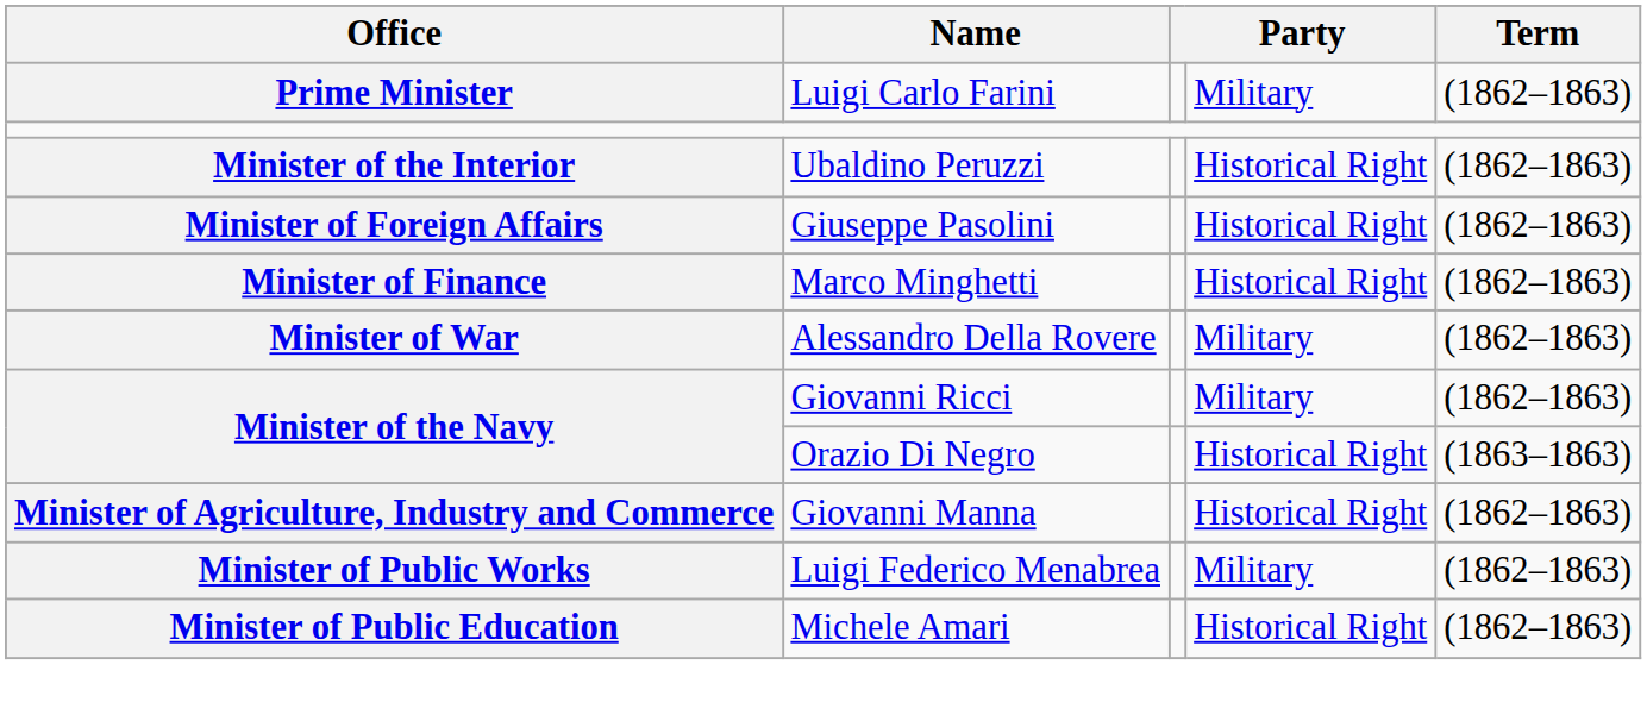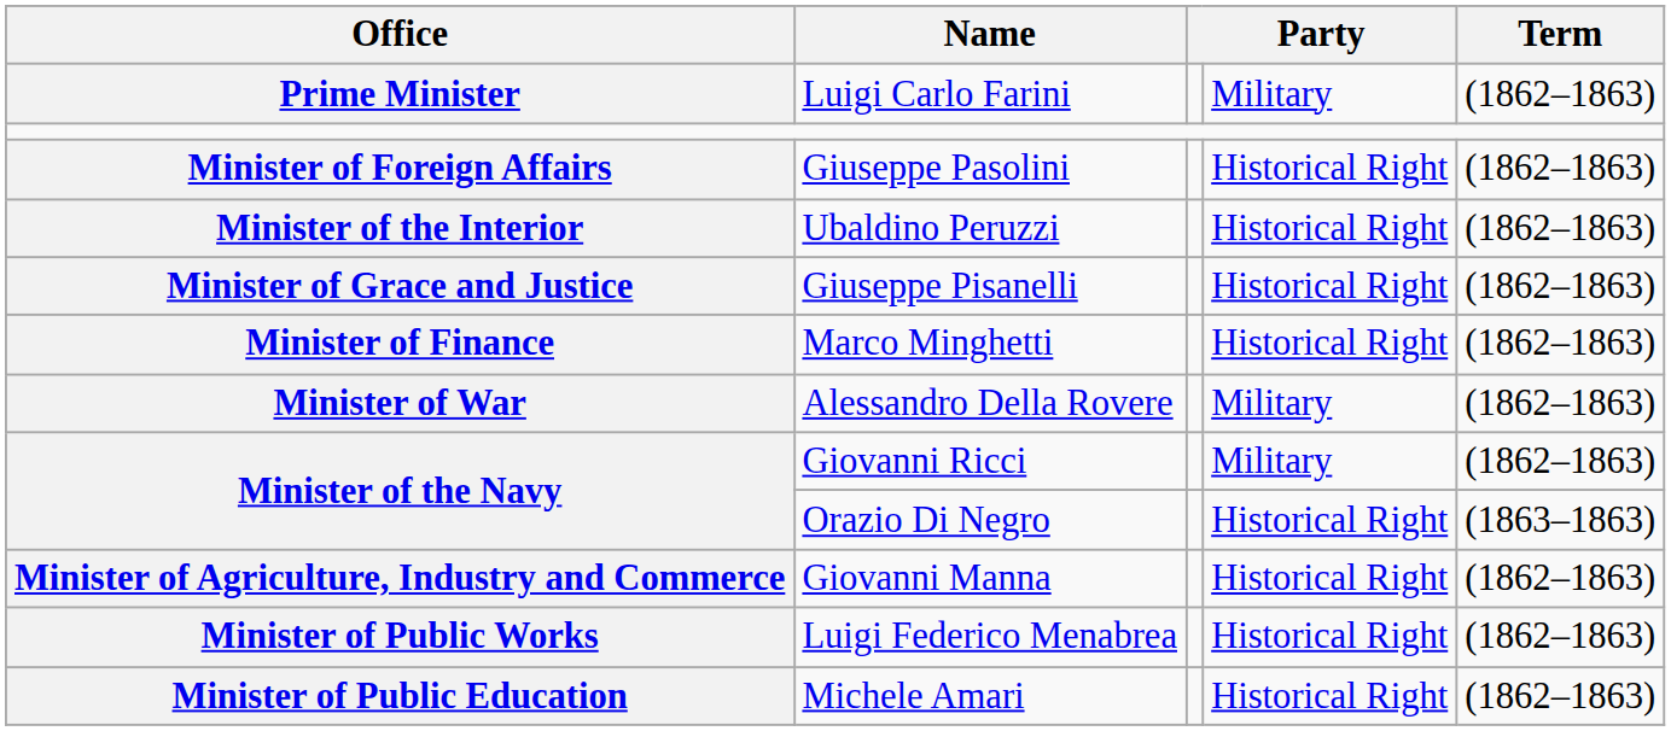 <table class="wikitable" style="font-size: 100%;">
 <tr>
 <th>Office</th>
 <th>Name</th>
 <th colspan=2>Party</th>
 <th>Term</th>
 </tr>
 <tr>
 <th><a href='#'>Prime Minister</a></th>
 <td><a href='#'>Luigi Carlo Farini</a></td>
 <td style="color:inherit;background:"></td>
 <td><a href='#'>Military</a></td>
 <td>(1862–1863)</td>
 </tr>
 <tr>
 <td colspan=5></td>
 </tr>
 <tr>
+<th><a href='#'>Minister of Foreign Affairs</a></th>
+<td><a href='#'>Giuseppe Pasolini</a></td>
+<td style="color:inherit;background:"></td>
+<td><a href='#'>Historical Right</a></td>
+<td>(1862–1863)</td>
+</tr>
+<tr>
 <th><a href='#'>Minister of the Interior</a></th>
 <td><a href='#'>Ubaldino Peruzzi</a></td>
 <td style="color:inherit;background:"></td>
 <td><a href='#'>Historical Right</a></td>
 <td>(1862–1863)</td>
 </tr>
 <tr>
-<th><a href='#'>Minister of Foreign Affairs</a></th>
-<td><a href='#'>Giuseppe Pasolini</a></td>
+<th><a href='#'>Minister of Grace and Justice</a></th>
+<td><a href='#'>Giuseppe Pisanelli</a></td>
 <td style="color:inherit;background:"></td>
 <td><a href='#'>Historical Right</a></td>
 <td>(1862–1863)</td>
 </tr>
 <tr>
 <th><a href='#'>Minister of Finance</a></th>
 <td><a href='#'>Marco Minghetti</a></td>
 <td style="color:inherit;background:"></td>
 <td><a href='#'>Historical Right</a></td>
 <td>(1862–1863)</td>
 </tr>
 <tr>
 <th><a href='#'>Minister of War</a></th>
 <td><a href='#'>Alessandro Della Rovere</a></td>
 <td style="color:inherit;background:"></td>
 <td><a href='#'>Military</a></td>
 <td>(1862–1863)</td>
 </tr>
 <tr>
 <th rowspan=2><a href='#'>Minister of the Navy</a></th>
 <td><a href='#'>Giovanni Ricci</a></td>
 <td style="color:inherit;background:"></td>
 <td><a href='#'>Military</a></td>
 <td>(1862–1863)</td>
 </tr>
 <tr>
 <td><a href='#'>Orazio Di Negro</a></td>
 <td style="color:inherit;background:"></td>
 <td><a href='#'>Historical Right</a></td>
 <td>(1863–1863)</td>
 </tr>
 <tr>
 <th><a href='#'>Minister of Agriculture, Industry and Commerce</a></th>
 <td><a href='#'>Giovanni Manna</a></td>
 <td style="color:inherit;background:"></td>
 <td><a href='#'>Historical Right</a></td>
 <td>(1862–1863)</td>
 </tr>
 <tr>
 <th><a href='#'>Minister of Public Works</a></th>
 <td><a href='#'>Luigi Federico Menabrea</a></td>
 <td style="color:inherit;background:"></td>
-<td><a href='#'>Military</a></td>
+<td><a href='#'>Historical Right</a></td>
 <td>(1862–1863)</td>
 </tr>
 <tr>
 <th><a href='#'>Minister of Public Education</a></th>
 <td><a href='#'>Michele Amari</a></td>
 <td style="color:inherit;background:"></td>
 <td><a href='#'>Historical Right</a></td>
 <td>(1862–1863)</td>
 </tr>
 </table>
